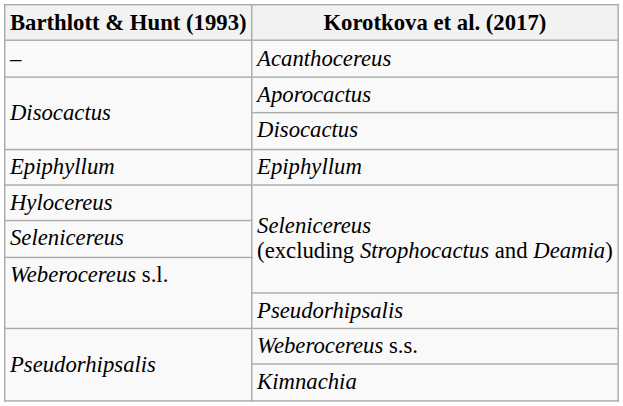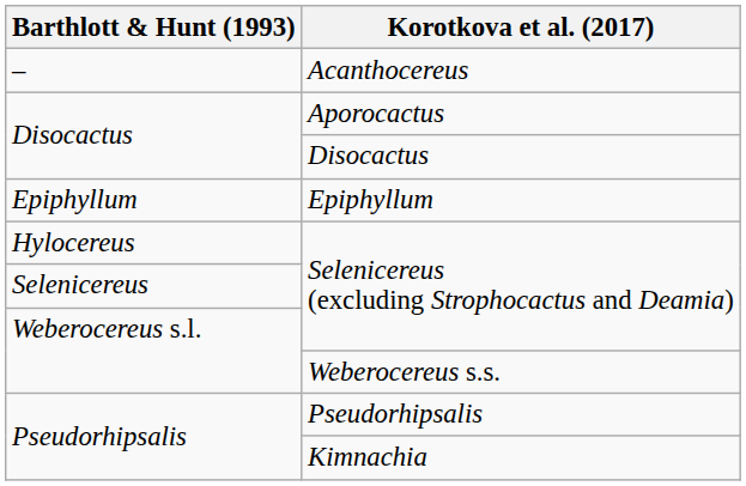 <table class="wikitable">
 <tr>
 <th>Barthlott & Hunt (1993)</th>
 <th>Korotkova et al. (2017)</th>
 </tr>
 <tr>
 <td>–</td>
 <td><em>Acanthocereus</em></td>
 </tr>
 <tr>
 <td rowspan=2><em>Disocactus</em></td>
 <td><em>Aporocactus</em></td>
 </tr>
 <tr>
 <td><em>Disocactus</em></td>
 </tr>
 <tr>
 <td><em>Epiphyllum</em></td>
 <td><em>Epiphyllum</em></td>
 </tr>
 <tr>
 <td><em>Hylocereus</em></td>
 <td rowspan=3><em>Selenicereus</em><br>(excluding <em>Strophocactus</em> and <em>Deamia</em>)</td>
 </tr>
 <tr>
 <td><em>Selenicereus</em></td>
 </tr>
 <tr>
 <td style='border-style: solid solid none solid;'><em>Weberocereus</em> s.l.</td>
 </tr>
 <tr>
 <td style='border-style: none solid solid solid;'></td>
-<td><em>Pseudorhipsalis</em></td>
+<td><em>Weberocereus</em> s.s.</td>
 </tr>
 <tr>
 <td rowspan=2><em>Pseudorhipsalis</em></td>
-<td><em>Weberocereus</em> s.s.</td>
+<td><em>Pseudorhipsalis</em></td>
 </tr>
 <tr>
 <td><em>Kimnachia</em></td>
 </tr>
 </table>
